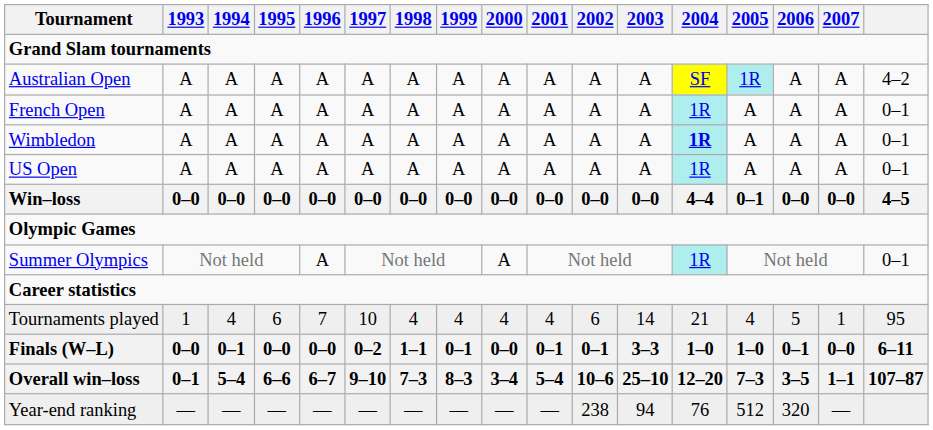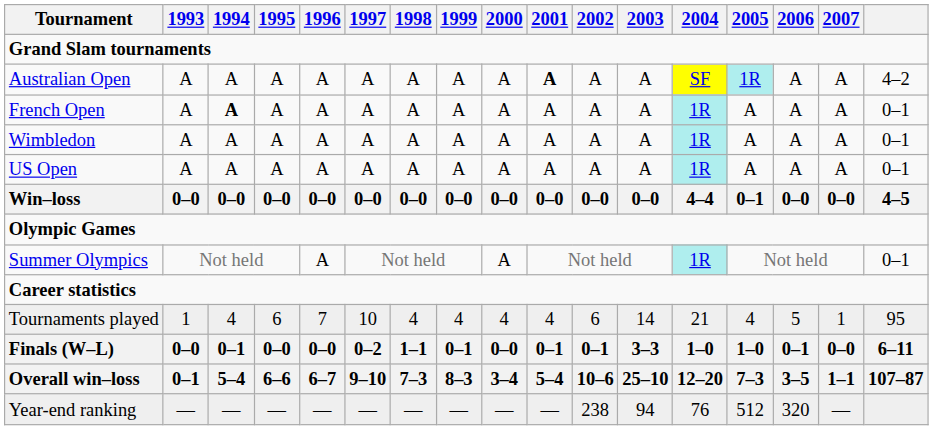 <table class=wikitable style=text-align:center;font-size:97%>
 <tr>
 <th>Tournament</th>
 <th><a href='#'>1993</a></th>
 <th><a href='#'>1994</a></th>
 <th><a href='#'>1995</a></th>
 <th><a href='#'>1996</a></th>
 <th><a href='#'>1997</a></th>
 <th><a href='#'>1998</a></th>
 <th><a href='#'>1999</a></th>
 <th><a href='#'>2000</a></th>
 <th><a href='#'>2001</a></th>
 <th><a href='#'>2002</a></th>
 <th><a href='#'>2003</a></th>
 <th><a href='#'>2004</a></th>
 <th><a href='#'>2005</a></th>
 <th><a href='#'>2006</a></th>
 <th><a href='#'>2007</a></th>
 <th></th>
 </tr>
 <tr>
 <td colspan=17 align=left><strong>Grand Slam tournaments</strong></td>
 </tr>
 <tr>
 <td style="text-align:left;"><a href='#'>Australian Open</a></td>
 <td>A</td>
 <td>A</td>
 <td>A</td>
 <td>A</td>
 <td>A</td>
 <td>A</td>
 <td>A</td>
 <td>A</td>
-<td>A</td>
+<td><strong>A</strong></td>
 <td>A</td>
 <td>A</td>
 <td style="background:yellow;"><a href='#'>SF</a></td>
 <td style="background:#afeeee;"><a href='#'>1R</a></td>
 <td>A</td>
 <td>A</td>
 <td>4–2</td>
 </tr>
 <tr>
 <td style="text-align:left;"><a href='#'>French Open</a></td>
 <td>A</td>
-<td>A</td>
+<td><strong>A</strong></td>
 <td>A</td>
 <td>A</td>
 <td>A</td>
 <td>A</td>
 <td>A</td>
 <td>A</td>
 <td>A</td>
 <td>A</td>
 <td>A</td>
 <td style="background:#afeeee;"><a href='#'>1R</a></td>
 <td>A</td>
 <td>A</td>
 <td>A</td>
 <td>0–1</td>
 </tr>
 <tr>
 <td style="text-align:left;"><a href='#'>Wimbledon</a></td>
 <td>A</td>
 <td>A</td>
 <td>A</td>
 <td>A</td>
 <td>A</td>
 <td>A</td>
 <td>A</td>
 <td>A</td>
 <td>A</td>
 <td>A</td>
 <td>A</td>
-<td style="background:#afeeee;"><strong><a href='#'>1R</a></strong></td>
+<td style="background:#afeeee;"><a href='#'>1R</a></td>
 <td>A</td>
 <td>A</td>
 <td>A</td>
 <td>0–1</td>
 </tr>
 <tr>
 <td style="text-align:left;"><a href='#'>US Open</a></td>
 <td>A</td>
 <td>A</td>
 <td>A</td>
 <td>A</td>
 <td>A</td>
 <td>A</td>
 <td>A</td>
 <td>A</td>
 <td>A</td>
 <td>A</td>
 <td>A</td>
 <td style="background:#afeeee;"><a href='#'>1R</a></td>
 <td>A</td>
 <td>A</td>
 <td>A</td>
 <td>0–1</td>
 </tr>
 <tr>
 <th style=text-align:left>Win–loss</th>
 <th>0–0</th>
 <th>0–0</th>
 <th>0–0</th>
 <th>0–0</th>
 <th>0–0</th>
 <th>0–0</th>
 <th>0–0</th>
 <th>0–0</th>
 <th>0–0</th>
 <th>0–0</th>
 <th>0–0</th>
 <th>4–4</th>
 <th>0–1</th>
 <th>0–0</th>
 <th>0–0</th>
 <th>4–5</th>
 </tr>
 <tr>
 <td colspan=17 align=left><strong>Olympic Games</strong></td>
 </tr>
 <tr>
 <td style="text-align:left;"><a href='#'>Summer Olympics</a></td>
 <td colspan=3 style=color:#767676>Not held</td>
 <td>A</td>
 <td colspan=3 style=color:#767676>Not held</td>
 <td>A</td>
 <td colspan=3 style=color:#767676>Not held</td>
 <td style="background:#afeeee;"><a href='#'>1R</a></td>
 <td colspan=3 style=color:#767676>Not held</td>
 <td>0–1</td>
 </tr>
 <tr>
 <td colspan=18 align=left><strong>Career statistics</strong></td>
 </tr>
 <tr style="background:#efefef;">
 <td style=text-align:left>Tournaments played</td>
 <td>1</td>
 <td>4</td>
 <td>6</td>
 <td>7</td>
 <td>10</td>
 <td>4</td>
 <td>4</td>
 <td>4</td>
 <td>4</td>
 <td>6</td>
 <td>14</td>
 <td>21</td>
 <td>4</td>
 <td>5</td>
 <td>1</td>
 <td>95</td>
 </tr>
 <tr>
 <th style=text-align:left>Finals (W–L)</th>
 <th>0–0</th>
 <th>0–1</th>
 <th>0–0</th>
 <th>0–0</th>
 <th>0–2</th>
 <th>1–1</th>
 <th>0–1</th>
 <th>0–0</th>
 <th>0–1</th>
 <th>0–1</th>
 <th>3–3</th>
 <th>1–0</th>
 <th>1–0</th>
 <th>0–1</th>
 <th>0–0</th>
 <th>6–11</th>
 </tr>
 <tr style="background:#efefef;">
 <th style=text-align:left>Overall win–loss</th>
 <th>0–1</th>
 <th>5–4</th>
 <th>6–6</th>
 <th>6–7</th>
 <th>9–10</th>
 <th>7–3</th>
 <th>8–3</th>
 <th>3–4</th>
 <th>5–4</th>
 <th>10–6</th>
 <th>25–10</th>
 <th>12–20</th>
 <th>7–3</th>
 <th>3–5</th>
 <th>1–1</th>
 <th>107–87</th>
 </tr>
 <tr style="background:#efefef;">
 <td style=text-align:left>Year-end ranking</td>
 <td>—</td>
 <td>—</td>
 <td>—</td>
 <td>—</td>
 <td>—</td>
 <td>—</td>
 <td>—</td>
 <td>—</td>
 <td>—</td>
 <td> 238</td>
 <td> 94</td>
 <td> 76</td>
 <td> 512</td>
 <td> 320</td>
 <td>—</td>
 <td></td>
 </tr>
 </table>
